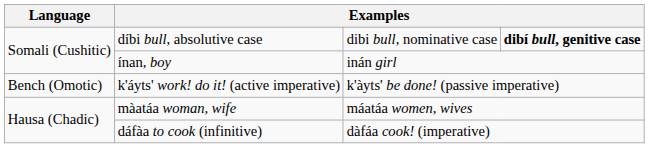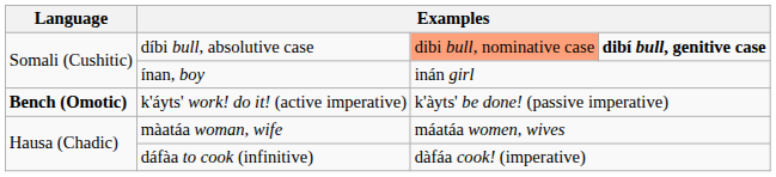 <table class="wikitable">
 <tr>
 <th>Language</th>
 <th colspan="3">Examples</th>
 </tr>
 <tr>
 <td rowspan="2">Somali (Cushitic)</td>
 <td>díbi <em>bull</em>, absolutive case</td>
-<td>dibi <em>bull</em>, nominative case</td>
+<td style="background: lightsalmon;">dibi <em>bull</em>, nominative case</td>
 <td><strong>dibí <em>bull</em>, genitive case</strong></td>
 </tr>
 <tr>
 <td>ínan, <em>boy</em></td>
 <td colspan="2">inán <em>girl</em></td>
 </tr>
 <tr>
-<td>Bench (Omotic)</td>
+<td><strong>Bench (Omotic)</strong></td>
 <td>k'áyts' <em>work! do it!</em> (active imperative)</td>
 <td colspan="2">k'àyts' <em>be done!</em> (passive imperative)</td>
 </tr>
 <tr>
 <td rowspan="2">Hausa (Chadic)</td>
 <td>màatáa <em>woman, wife</em></td>
 <td colspan="2">máatáa <em>women, wives</em></td>
 </tr>
 <tr>
 <td>dáfàa <em>to cook</em> (infinitive)</td>
 <td colspan="2">dàfáa <em>cook!</em> (imperative)</td>
 </tr>
 </table>
